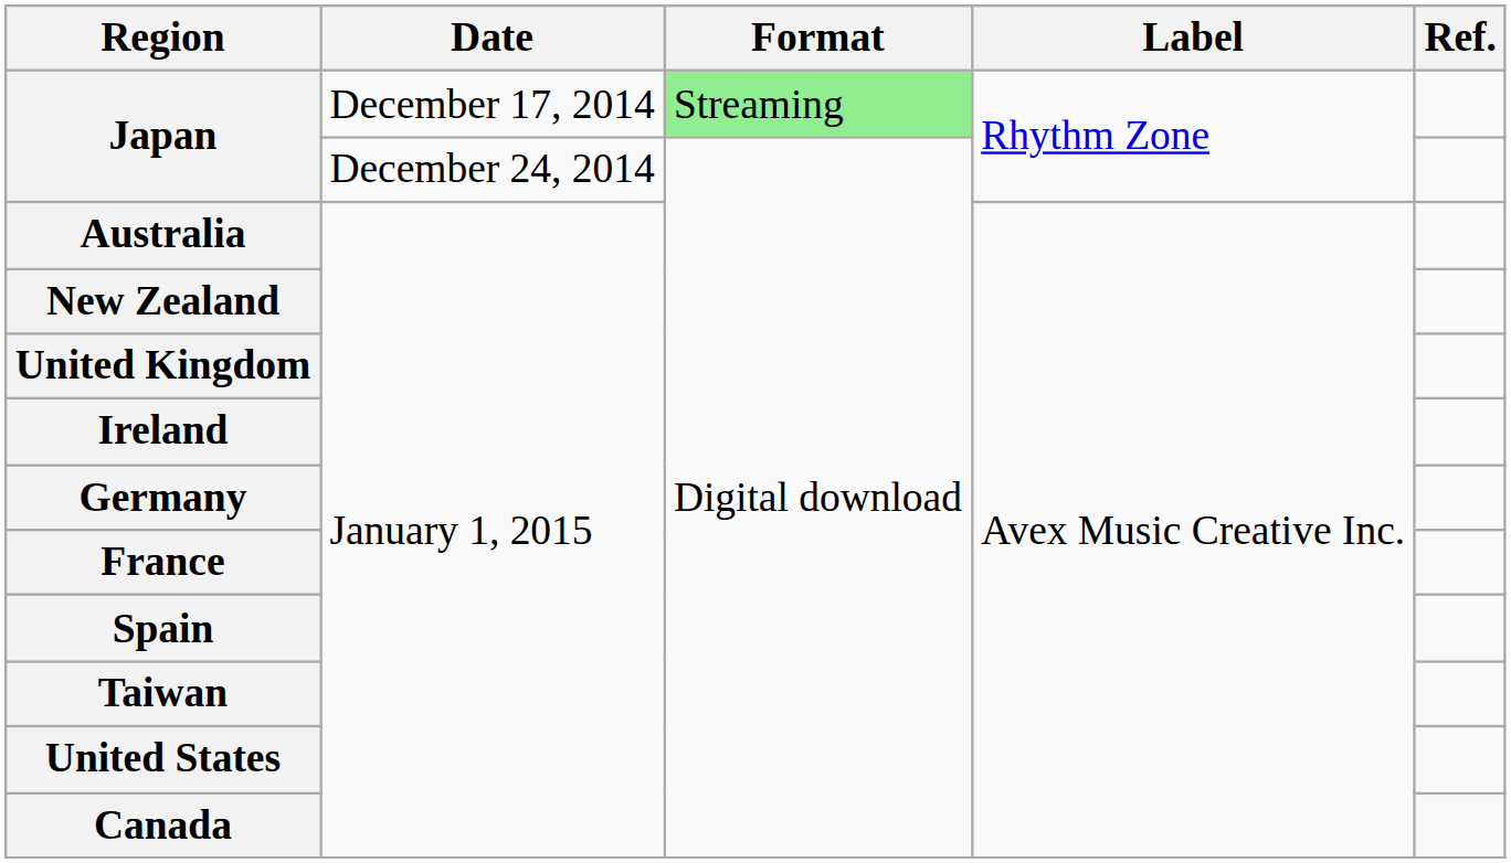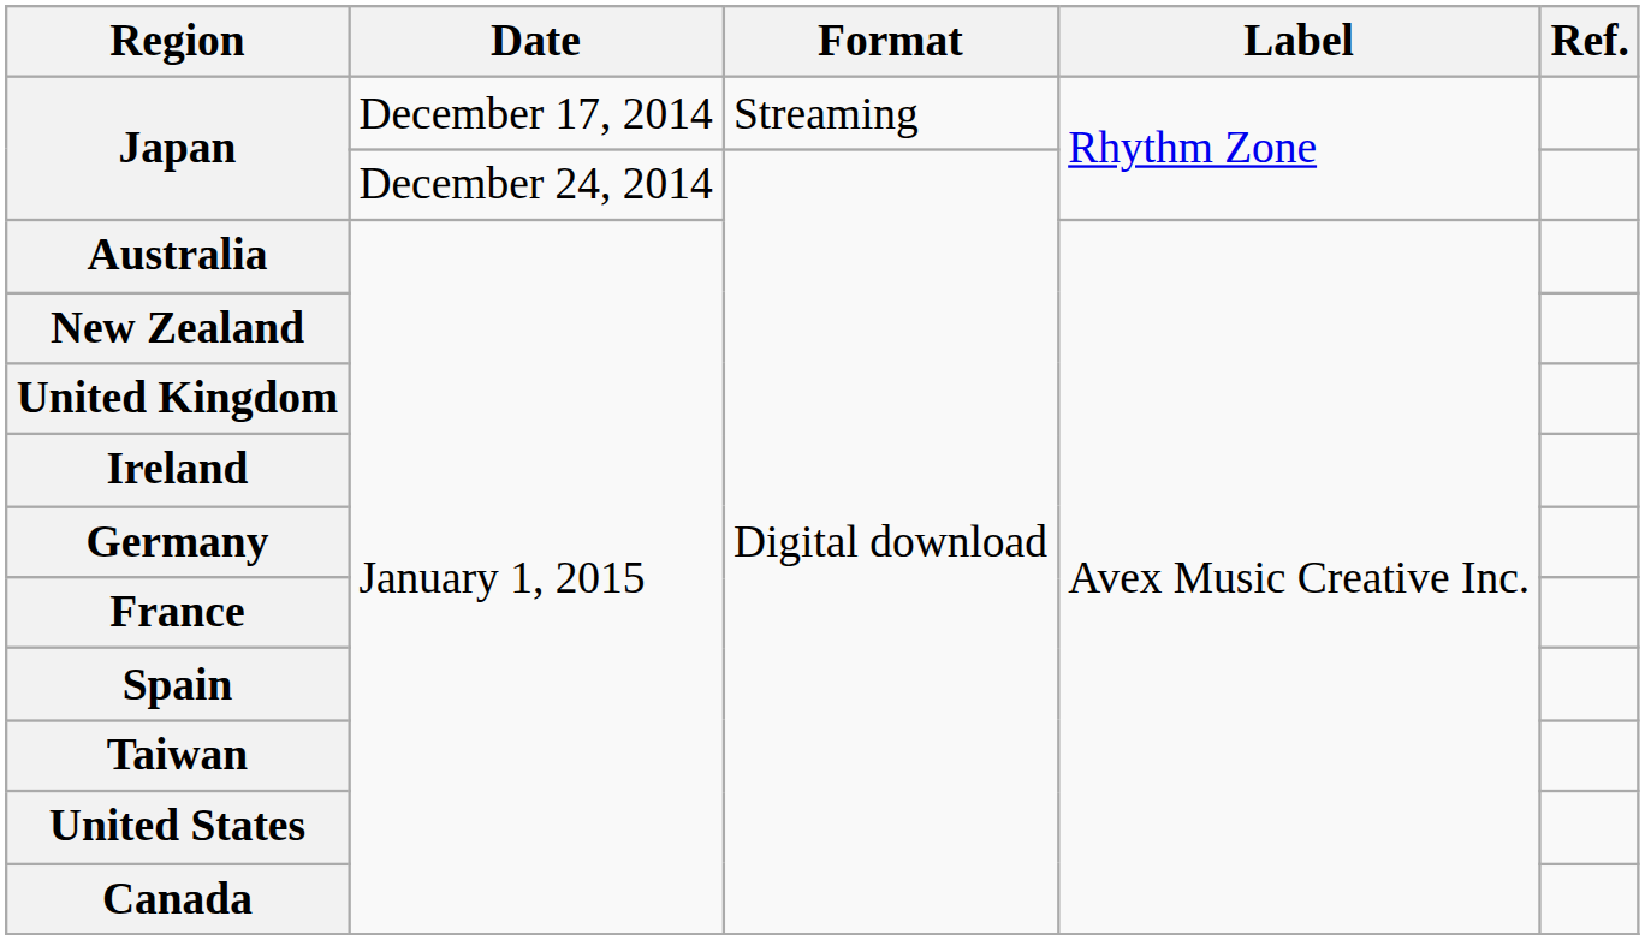 <table class="wikitable plainrowheaders">
 <tr>
 <th scope="col">Region</th>
 <th scope="col">Date</th>
 <th scope="col">Format</th>
 <th scope="col">Label</th>
 <th scope="col">Ref.</th>
 </tr>
 <tr>
 <th scope="row" rowspan="2">Japan</th>
 <td>December 17, 2014</td>
-<td style="background: lightgreen;">Streaming</td>
+<td>Streaming</td>
 <td rowspan="2"><a href='#'>Rhythm Zone</a></td>
 <td></td>
 </tr>
 <tr>
 <td>December 24, 2014</td>
 <td rowspan="11">Digital download</td>
 <td></td>
 </tr>
 <tr>
 <th scope="row">Australia</th>
 <td rowspan="10">January 1, 2015</td>
 <td rowspan="10">Avex Music Creative Inc.</td>
 <td></td>
 </tr>
 <tr>
 <th scope="row">New Zealand</th>
 <td></td>
 </tr>
 <tr>
 <th scope="row">United Kingdom</th>
 <td></td>
 </tr>
 <tr>
 <th scope="row">Ireland</th>
 <td></td>
 </tr>
 <tr>
 <th scope="row">Germany</th>
 <td></td>
 </tr>
 <tr>
 <th scope="row">France</th>
 <td></td>
 </tr>
 <tr>
 <th scope="row">Spain</th>
 <td></td>
 </tr>
 <tr>
 <th scope="row">Taiwan</th>
 <td></td>
 </tr>
 <tr>
 <th scope="row">United States</th>
 <td></td>
 </tr>
 <tr>
 <th scope="row">Canada</th>
 <td></td>
 </tr>
 <tr>
 </tr>
 </table>
